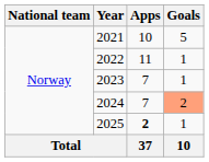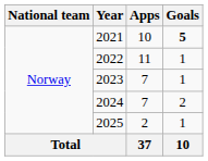 <table class="wikitable" style="text-align:center">
 <tr>
 <th>National team</th>
 <th>Year</th>
 <th>Apps</th>
 <th>Goals</th>
 </tr>
 <tr>
 <td rowspan="5"><a href='#'>Norway</a></td>
 <td>2021</td>
 <td>10</td>
-<td>5</td>
+<td><strong>5</strong></td>
 </tr>
 <tr>
 <td>2022</td>
 <td>11</td>
 <td>1</td>
 </tr>
 <tr>
 <td>2023</td>
 <td>7</td>
 <td>1</td>
 </tr>
 <tr>
 <td>2024</td>
 <td>7</td>
-<td style="background: lightsalmon;">2</td>
+<td>2</td>
 </tr>
 <tr>
 <td>2025</td>
-<td><strong>2</strong></td>
+<td>2</td>
 <td>1</td>
 </tr>
 <tr>
 <th colspan="2">Total</th>
 <th>37</th>
 <th>10</th>
 </tr>
 </table>
